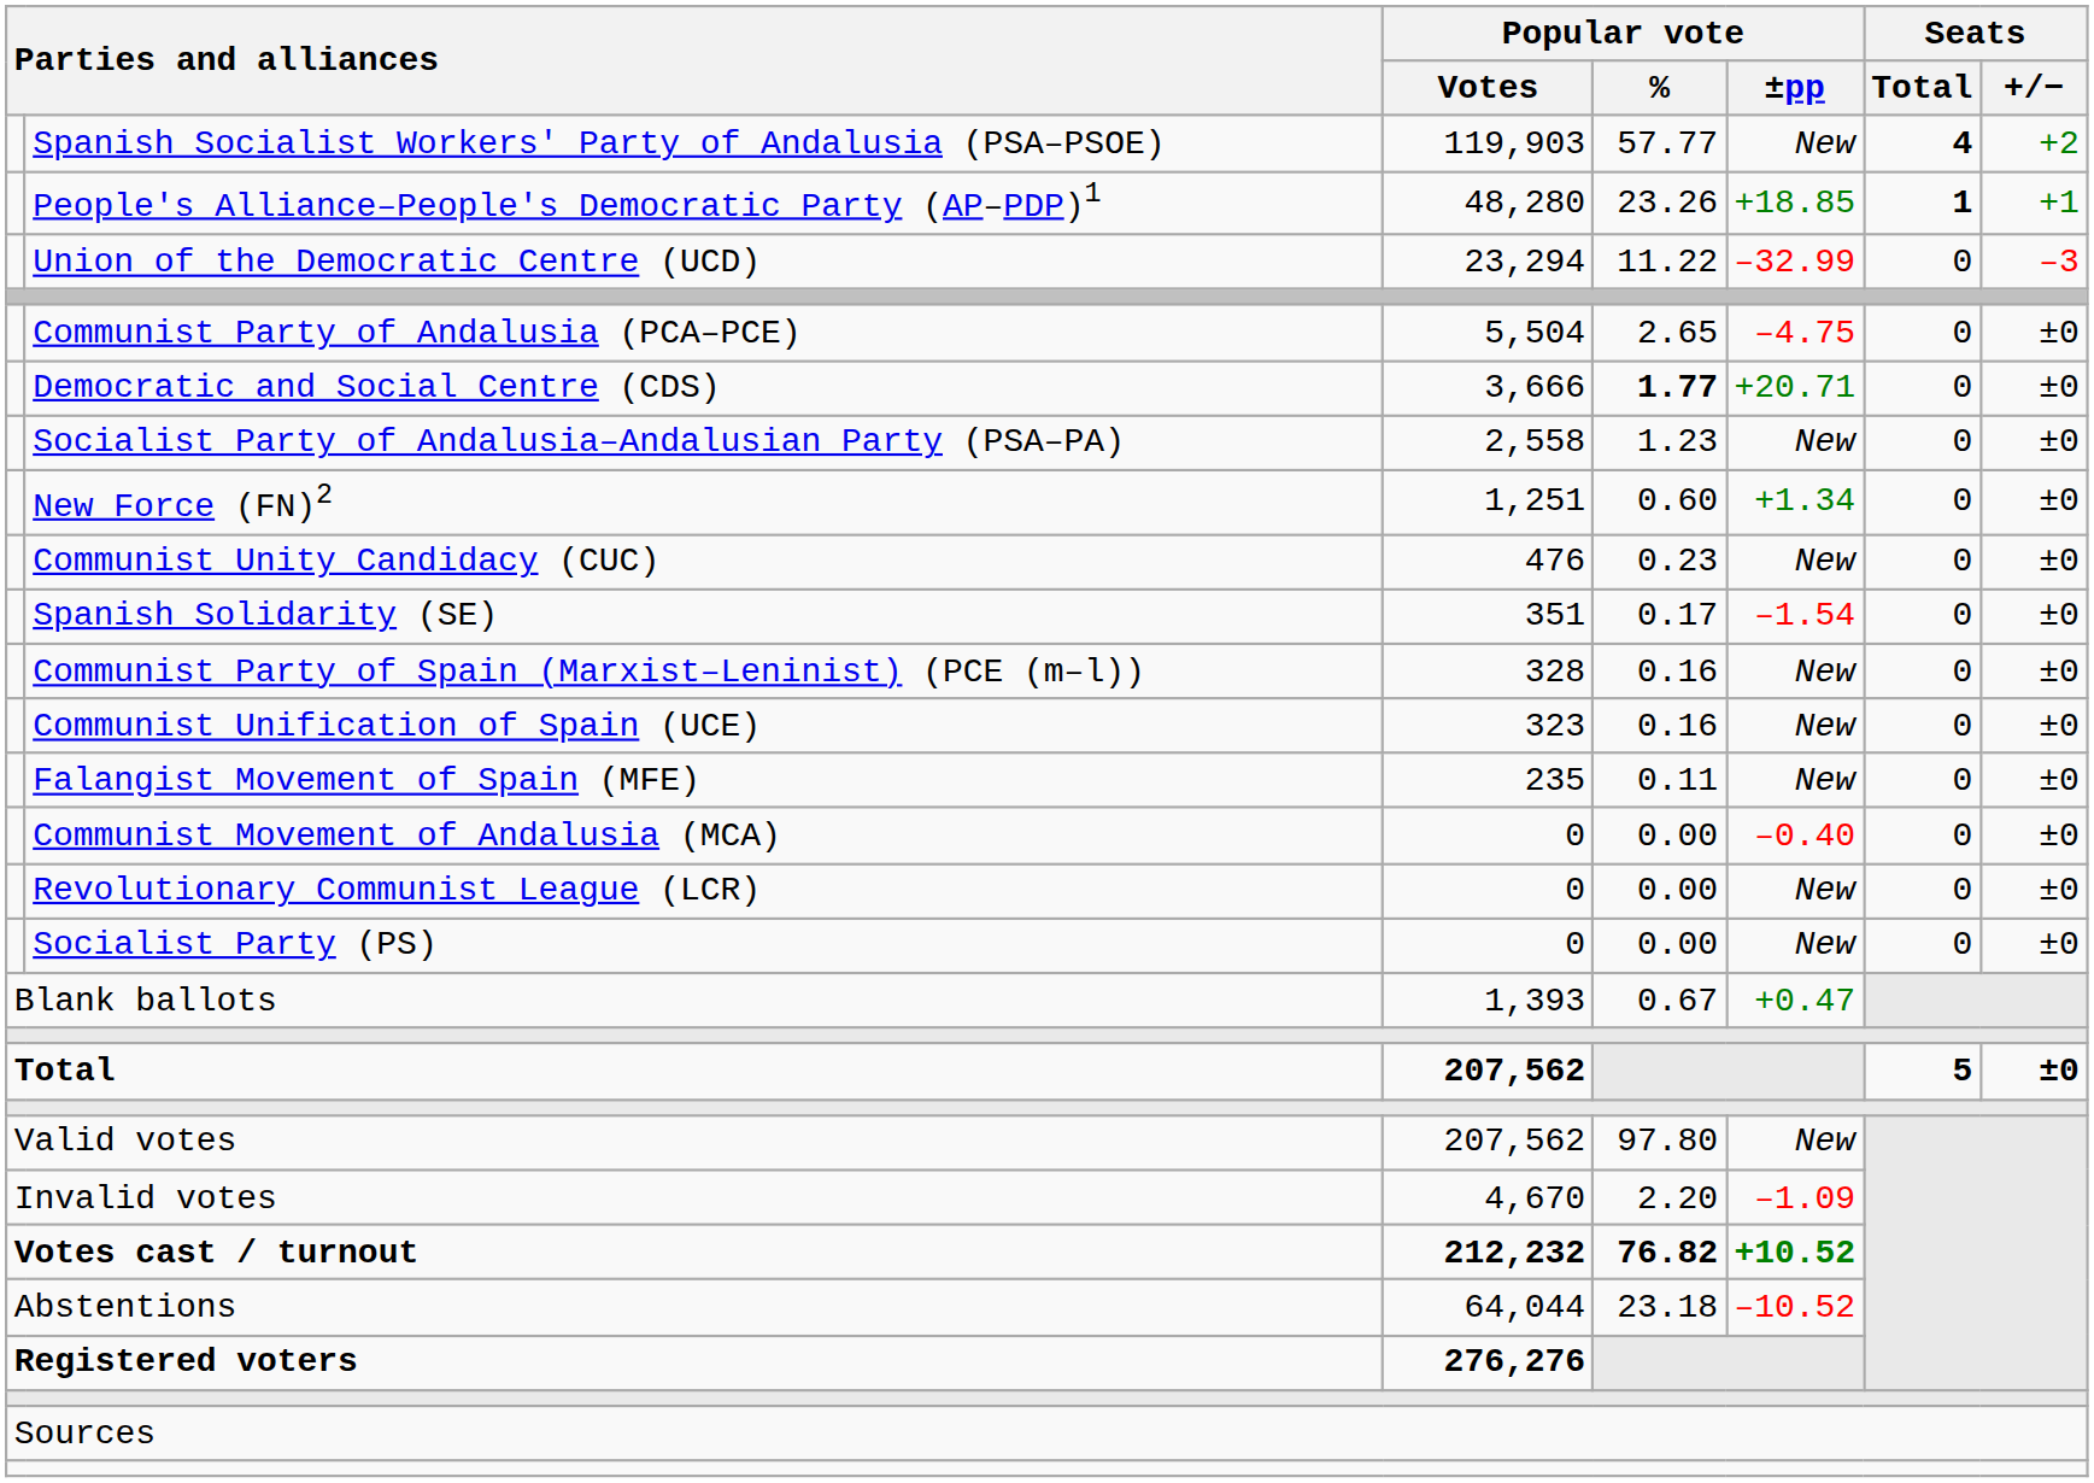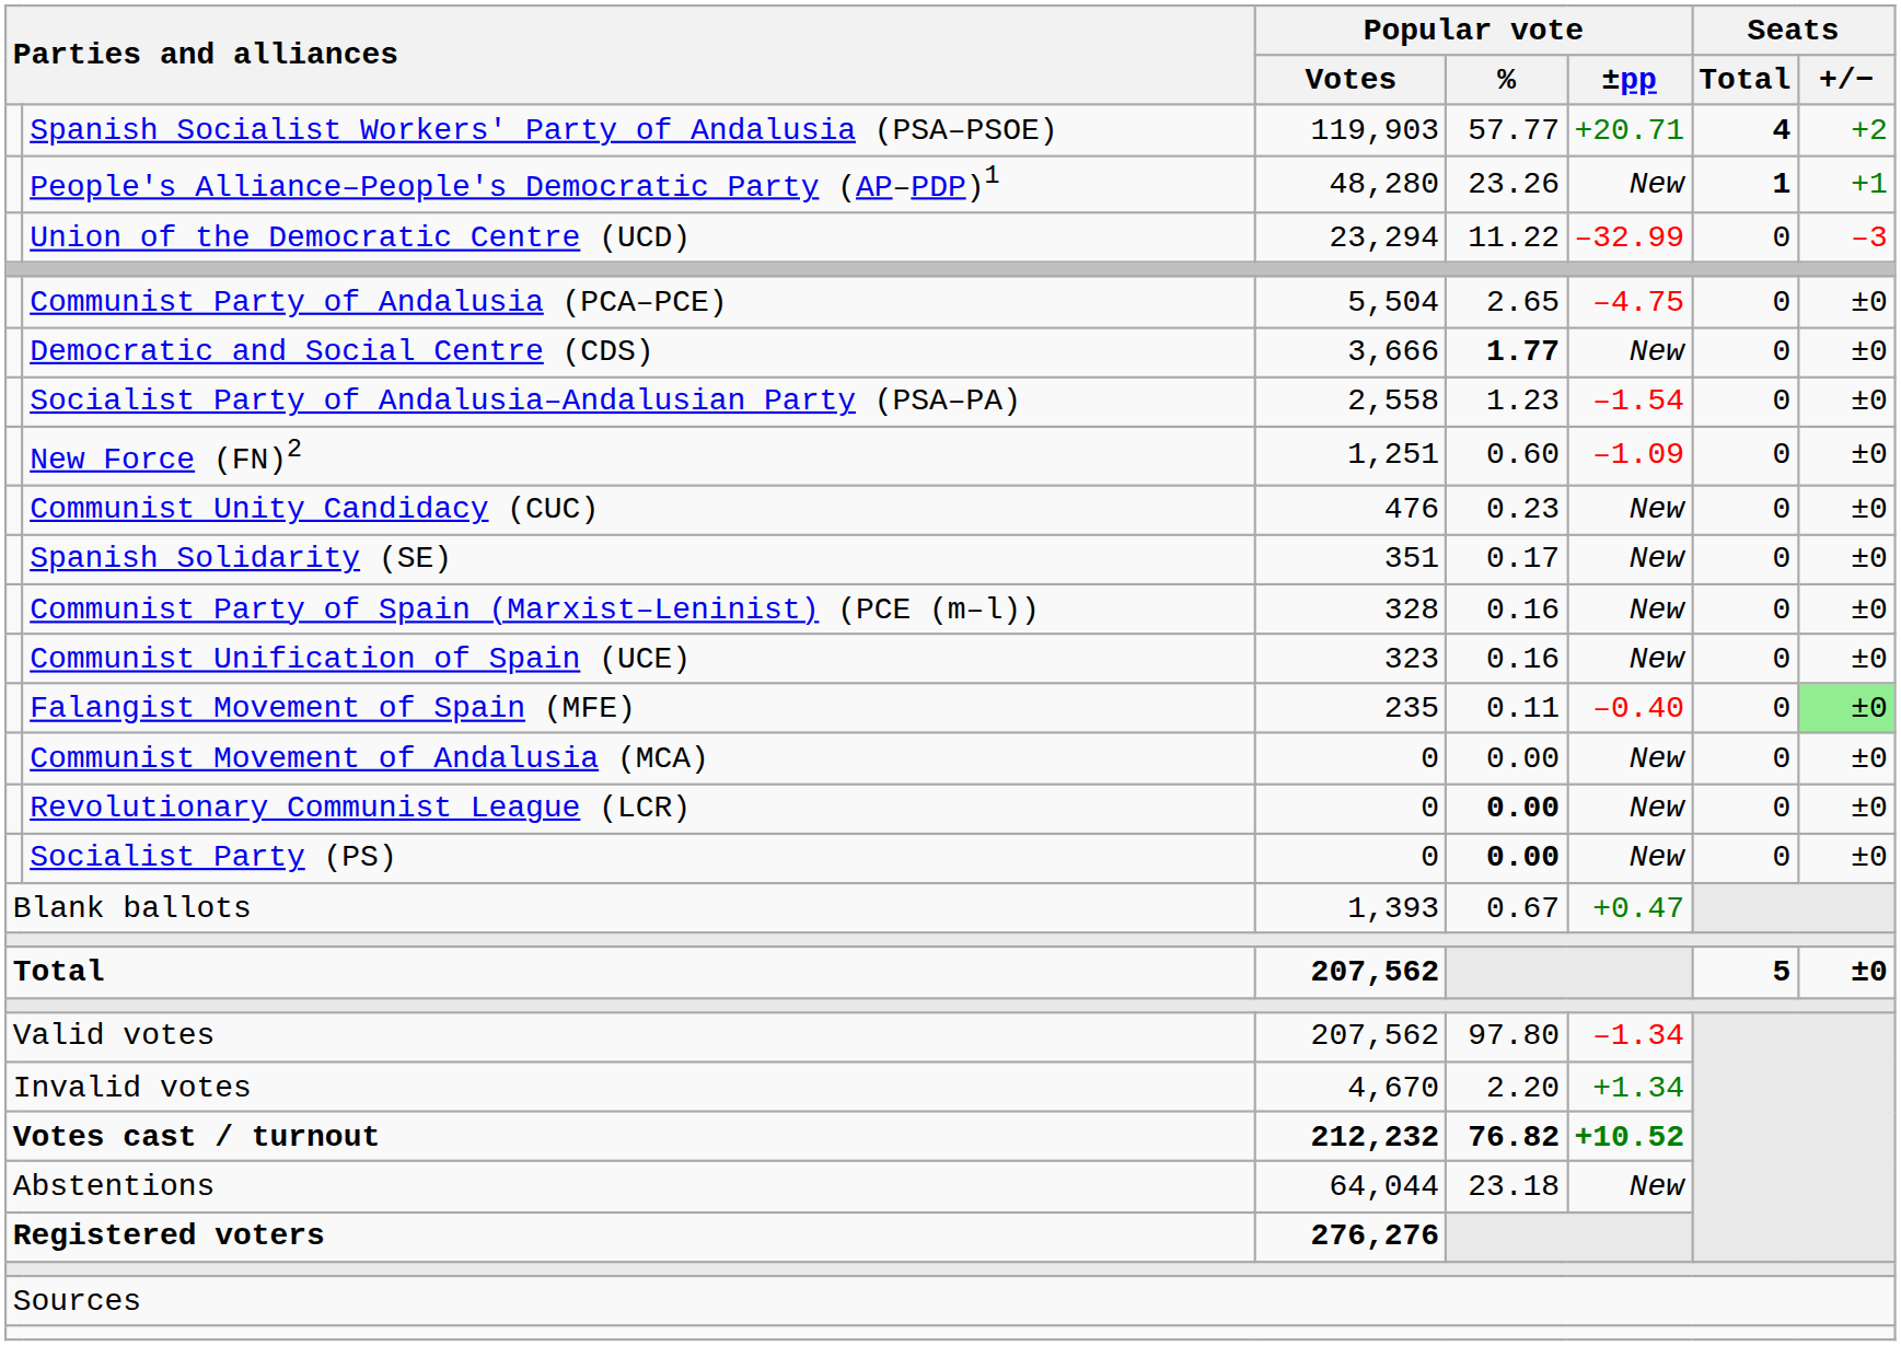 <table class="wikitable" style="text-align:right;">
 <tr>
 <th style="text-align:left;" rowspan="2" colspan="2" width="525">Parties and alliances</th>
 <th colspan="3">Popular vote</th>
 <th colspan="2">Seats</th>
 </tr>
 <tr>
 <th width="75">Votes</th>
 <th width="45">%</th>
 <th width="45">±<a href='#'>pp</a></th>
 <th width="35">Total</th>
 <th width="35">+/−</th>
 </tr>
 <tr>
 <td width="1" style="color:inherit;background:"></td>
 <td align="left"><a href='#'>Spanish Socialist Workers' Party of Andalusia</a> (PSA–PSOE)</td>
 <td>119,903</td>
 <td>57.77</td>
-<td><em>New</em></td>
+<td style="color:green;">+20.71</td>
 <td><strong>4</strong></td>
 <td style="color:green;">+2</td>
 </tr>
 <tr>
 <td style="color:inherit;background:"></td>
 <td align="left"><a href='#'>People's Alliance–People's Democratic Party</a> (<a href='#'>AP</a>–<a href='#'>PDP</a>)<sup>1</sup></td>
 <td>48,280</td>
 <td>23.26</td>
-<td style="color:green;">+18.85</td>
+<td><em>New</em></td>
 <td><strong>1</strong></td>
 <td style="color:green;">+1</td>
 </tr>
 <tr>
 <td style="color:inherit;background:"></td>
 <td align="left"><a href='#'>Union of the Democratic Centre</a> (UCD)</td>
 <td>23,294</td>
 <td>11.22</td>
 <td style="color:red;">–32.99</td>
 <td>0</td>
 <td style="color:red;">–3</td>
 </tr>
 <tr>
 <td colspan="7" bgcolor="#C0C0C0"></td>
 </tr>
 <tr>
 <td style="color:inherit;background:"></td>
 <td align="left"><a href='#'>Communist Party of Andalusia</a> (PCA–PCE)</td>
 <td>5,504</td>
 <td>2.65</td>
 <td style="color:red;">–4.75</td>
 <td>0</td>
 <td>±0</td>
 </tr>
 <tr>
 <td style="color:inherit;background:"></td>
 <td align="left"><a href='#'>Democratic and Social Centre</a> (CDS)</td>
 <td>3,666</td>
 <td><strong>1.77</strong></td>
-<td style="color:green;">+20.71</td>
+<td><em>New</em></td>
 <td>0</td>
 <td>±0</td>
 </tr>
 <tr>
 <td style="color:inherit;background:"></td>
 <td align="left"><a href='#'>Socialist Party of Andalusia–Andalusian Party</a> (PSA–PA)</td>
 <td>2,558</td>
 <td>1.23</td>
-<td><em>New</em></td>
+<td style="color:red;">–1.54</td>
 <td>0</td>
 <td>±0</td>
 </tr>
 <tr>
 <td style="color:inherit;background:"></td>
 <td align="left"><a href='#'>New Force</a> (FN)<sup>2</sup></td>
 <td>1,251</td>
 <td>0.60</td>
-<td style="color:green;">+1.34</td>
+<td style="color:red;">–1.09</td>
 <td>0</td>
 <td>±0</td>
 </tr>
 <tr>
 <td style="color:inherit;background:"></td>
 <td align="left"><a href='#'>Communist Unity Candidacy</a> (CUC)</td>
 <td>476</td>
 <td>0.23</td>
 <td><em>New</em></td>
 <td>0</td>
 <td>±0</td>
 </tr>
 <tr>
 <td style="color:inherit;background:"></td>
 <td align="left"><a href='#'>Spanish Solidarity</a> (SE)</td>
 <td>351</td>
 <td>0.17</td>
-<td style="color:red;">–1.54</td>
+<td><em>New</em></td>
 <td>0</td>
 <td>±0</td>
 </tr>
 <tr>
 <td style="color:inherit;background:"></td>
 <td align="left"><a href='#'>Communist Party of Spain (Marxist–Leninist)</a> (PCE (m–l))</td>
 <td>328</td>
 <td>0.16</td>
 <td><em>New</em></td>
 <td>0</td>
 <td>±0</td>
 </tr>
 <tr>
 <td style="color:inherit;background:"></td>
 <td align="left"><a href='#'>Communist Unification of Spain</a> (UCE)</td>
 <td>323</td>
 <td>0.16</td>
 <td><em>New</em></td>
 <td>0</td>
 <td>±0</td>
 </tr>
 <tr>
 <td style="color:inherit;background:"></td>
 <td align="left"><a href='#'>Falangist Movement of Spain</a> (MFE)</td>
 <td>235</td>
 <td>0.11</td>
-<td><em>New</em></td>
+<td style="color:red;">–0.40</td>
 <td>0</td>
-<td>±0</td>
+<td style="background: lightgreen;">±0</td>
 </tr>
 <tr>
 <td style="color:inherit;background:"></td>
 <td align="left"><a href='#'>Communist Movement of Andalusia</a> (MCA)</td>
-<td>0</td>
-<td>0.00</td>
-<td style="color:red;">–0.40</td>
-<td>0</td>
-<td>±0</td>
-</tr>
-<tr>
-<td style="color:inherit;background:"></td>
-<td align="left"><a href='#'>Revolutionary Communist League</a> (LCR)</td>
 <td>0</td>
 <td>0.00</td>
 <td><em>New</em></td>
 <td>0</td>
 <td>±0</td>
 </tr>
 <tr>
 <td style="color:inherit;background:"></td>
+<td align="left"><a href='#'>Revolutionary Communist League</a> (LCR)</td>
+<td>0</td>
+<td><strong>0.00</strong></td>
+<td><em>New</em></td>
+<td>0</td>
+<td>±0</td>
+</tr>
+<tr>
+<td style="color:inherit;background:"></td>
 <td align="left"><a href='#'>Socialist Party</a> (PS)</td>
 <td>0</td>
-<td>0.00</td>
+<td><strong>0.00</strong></td>
 <td><em>New</em></td>
 <td>0</td>
 <td>±0</td>
 </tr>
 <tr>
 <td align="left" colspan="2">Blank ballots</td>
 <td>1,393</td>
 <td>0.67</td>
 <td style="color:green;">+0.47</td>
 <td bgcolor="#E9E9E9" colspan="2"></td>
 </tr>
 <tr>
 <td colspan="7" bgcolor="#E9E9E9"></td>
 </tr>
 <tr style="font-weight:bold;">
 <td align="left" colspan="2">Total</td>
 <td>207,562</td>
 <td bgcolor="#E9E9E9" colspan="2"></td>
 <td>5</td>
 <td>±0</td>
 </tr>
 <tr>
 <td colspan="7" bgcolor="#E9E9E9"></td>
 </tr>
 <tr>
 <td align="left" colspan="2">Valid votes</td>
 <td>207,562</td>
 <td>97.80</td>
-<td><em>New</em></td>
+<td style="color:red;">–1.34</td>
 <td bgcolor="#E9E9E9" colspan="2" rowspan="5"></td>
 </tr>
 <tr>
 <td align="left" colspan="2">Invalid votes</td>
 <td>4,670</td>
 <td>2.20</td>
-<td style="color:red;">–1.09</td>
+<td style="color:green;">+1.34</td>
 </tr>
 <tr style="font-weight:bold;">
 <td align="left" colspan="2">Votes cast / turnout</td>
 <td>212,232</td>
 <td>76.82</td>
 <td style="color:green;">+10.52</td>
 </tr>
 <tr>
 <td align="left" colspan="2">Abstentions</td>
 <td>64,044</td>
 <td>23.18</td>
-<td style="color:red;">–10.52</td>
+<td><em>New</em></td>
 </tr>
 <tr style="font-weight:bold;">
 <td align="left" colspan="2">Registered voters</td>
 <td>276,276</td>
 <td bgcolor="#E9E9E9" colspan="2"></td>
 </tr>
 <tr>
 <td colspan="7" bgcolor="#E9E9E9"></td>
 </tr>
 <tr>
 <td align="left" colspan="7">Sources</td>
 </tr>
 <tr>
 <td colspan="7" style="text-align:left; max-width:790px;"></td>
 </tr>
 </table>
